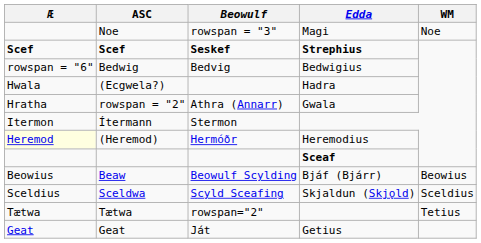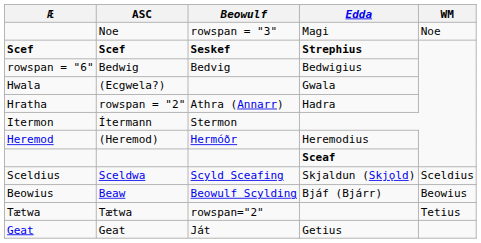 <table class="wikitable">
 <tr>
 <th>Æ</th>
 <th>ASC</th>
 <th><em>Beowulf</em></th>
 <th><em><a href='#'>Edda</a></em></th>
 <th>WM</th>
 </tr>
 <tr>
 <td></td>
 <td>Noe</td>
 <td>rowspan = "3" </td>
 <td>Magi</td>
 <td>Noe</td>
 </tr>
 <tr>
 <td><strong>Scef</strong></td>
 <td><strong>Scef</strong></td>
 <td><strong>Seskef</strong></td>
 <td><strong>Strephius</strong></td>
 </tr>
 <tr>
 <td>rowspan = "6" </td>
 <td>Bedwig</td>
 <td>Bedvig</td>
 <td>Bedwigius</td>
 </tr>
 <tr>
 <td>Hwala</td>
 <td>(Ecgwela?)</td>
 <td></td>
-<td>Hadra</td>
+<td>Gwala</td>
 </tr>
 <tr>
 <td>Hratha</td>
 <td>rowspan = "2" </td>
 <td>Athra (<a href='#'>Annarr</a>)</td>
-<td>Gwala</td>
+<td>Hadra</td>
 </tr>
 <tr>
 <td>Itermon</td>
 <td>Ítermann</td>
 <td>Stermon</td>
 </tr>
 <tr>
-<td style="background: lightyellow;"><a href='#'>Heremod</a></td>
+<td><a href='#'>Heremod</a></td>
 <td>(Heremod)</td>
 <td><a href='#'>Hermóðr</a></td>
 <td>Heremodius</td>
 </tr>
 <tr>
 <td></td>
 <td></td>
 <td></td>
 <td><strong>Sceaf</strong></td>
 </tr>
 <tr>
+<td>Sceldius</td>
+<td><a href='#'>Sceldwa</a></td>
+<td><a href='#'>Scyld Sceafing</a></td>
+<td>Skjaldun (<a href='#'>Skjǫld</a>)</td>
+<td>Sceldius</td>
+</tr>
+<tr>
 <td>Beowius</td>
 <td><a href='#'>Beaw</a></td>
 <td><a href='#'>Beowulf Scylding</a></td>
 <td>Bjáf (Bjárr)</td>
 <td>Beowius</td>
-</tr>
-<tr>
-<td>Sceldius</td>
-<td><a href='#'>Sceldwa</a></td>
-<td><a href='#'>Scyld Sceafing</a></td>
-<td>Skjaldun (<a href='#'>Skjǫld</a>)</td>
-<td>Sceldius</td>
 </tr>
 <tr>
 <td>Tætwa</td>
 <td>Tætwa</td>
 <td>rowspan="2" </td>
 <td></td>
 <td>Tetius</td>
 </tr>
 <tr>
 <td><a href='#'>Geat</a></td>
 <td>Geat</td>
 <td>Ját</td>
 <td>Getius</td>
 </tr>
 </table>
